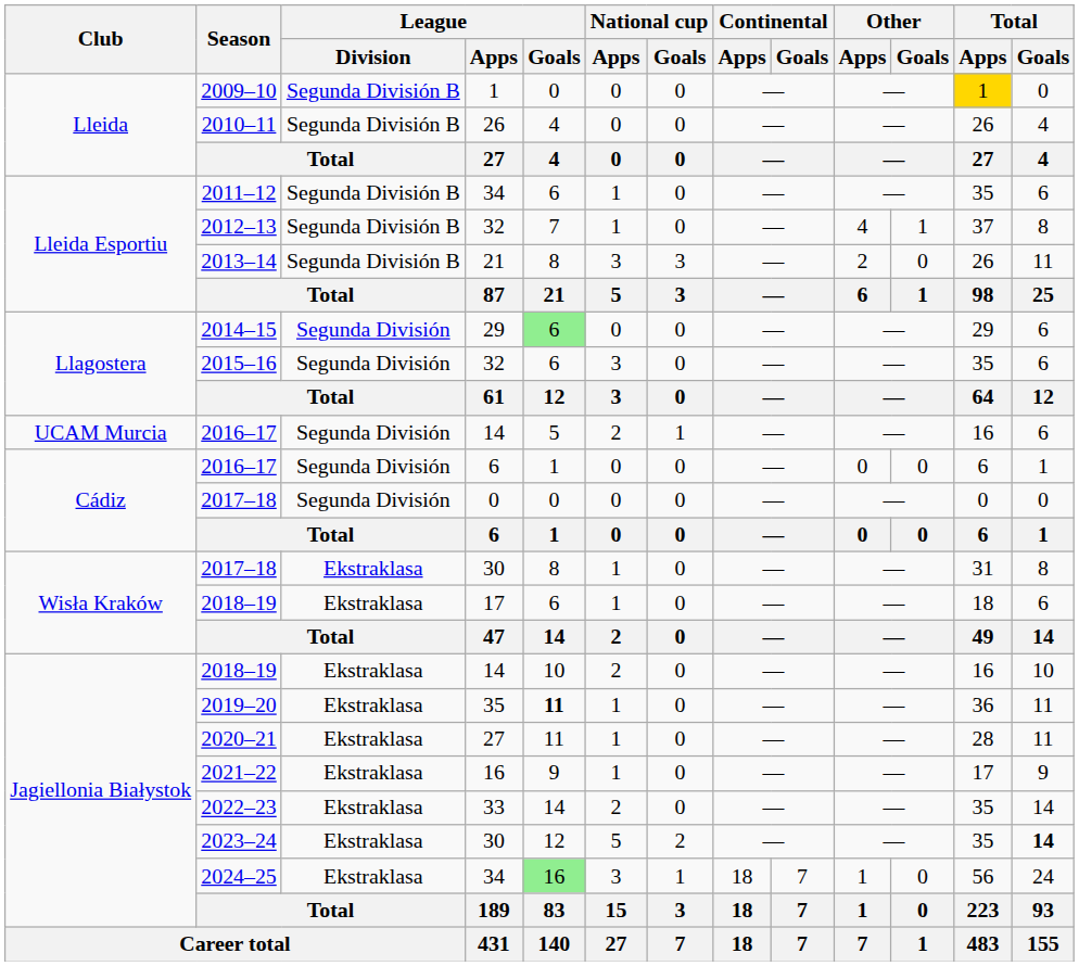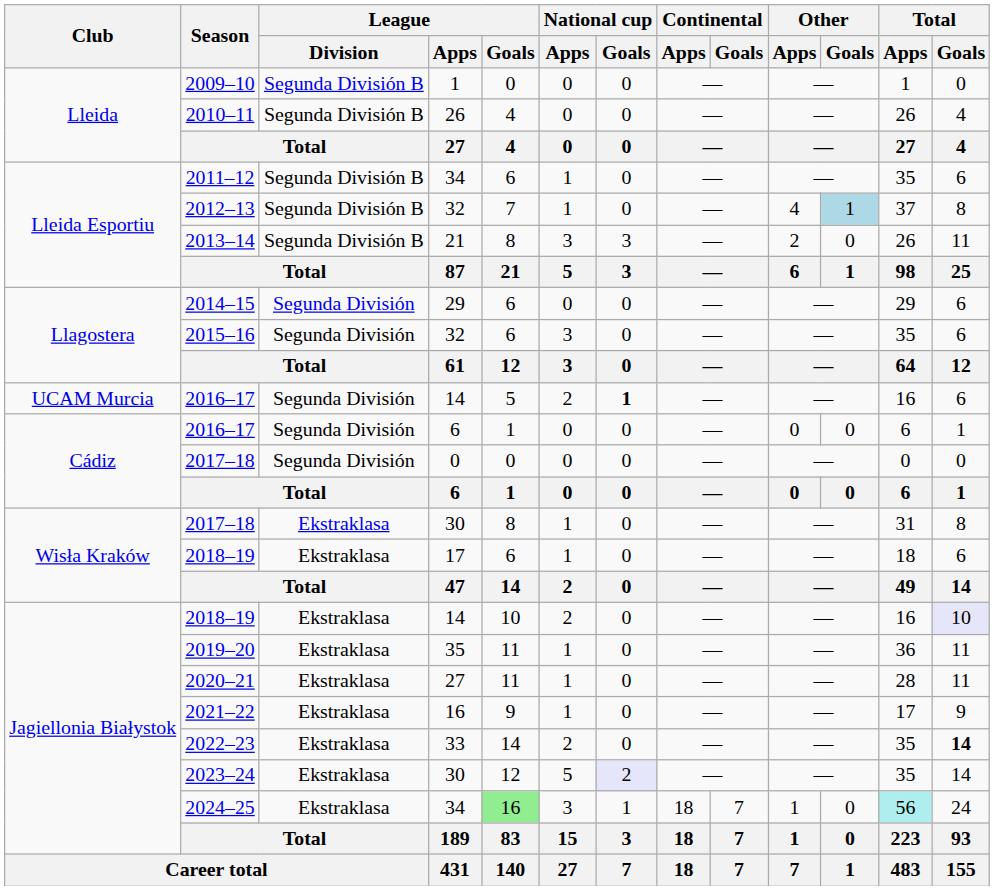 <table class="wikitable" style="font-size:100%; text-align: center">
 <tr>
 <th rowspan=2>Club</th>
 <th rowspan=2>Season</th>
 <th colspan=3>League</th>
 <th colspan=2>National cup</th>
 <th colspan=2>Continental</th>
 <th colspan=2>Other</th>
 <th colspan=2>Total</th>
 </tr>
 <tr>
 <th>Division</th>
 <th>Apps</th>
 <th>Goals</th>
 <th>Apps</th>
 <th>Goals</th>
 <th>Apps</th>
 <th>Goals</th>
 <th>Apps</th>
 <th>Goals</th>
 <th>Apps</th>
 <th>Goals</th>
 </tr>
 <tr>
 <td rowspan="3"><a href='#'>Lleida</a></td>
 <td><a href='#'>2009–10</a></td>
 <td><a href='#'>Segunda División B</a></td>
 <td>1</td>
 <td>0</td>
 <td>0</td>
 <td>0</td>
 <td colspan=2>—</td>
 <td colspan=2>—</td>
-<td style="background: gold;">1</td>
+<td>1</td>
 <td>0</td>
 </tr>
 <tr>
 <td><a href='#'>2010–11</a></td>
 <td>Segunda División B</td>
 <td>26</td>
 <td>4</td>
 <td>0</td>
 <td>0</td>
 <td colspan=2>—</td>
 <td colspan=2>—</td>
 <td>26</td>
 <td>4</td>
 </tr>
 <tr>
 <th colspan=2>Total</th>
 <th>27</th>
 <th>4</th>
 <th>0</th>
 <th>0</th>
 <th colspan=2>—</th>
 <th colspan=2>—</th>
 <th>27</th>
 <th>4</th>
 </tr>
 <tr>
 <td rowspan="4"><a href='#'>Lleida Esportiu</a></td>
 <td><a href='#'>2011–12</a></td>
 <td>Segunda División B</td>
 <td>34</td>
 <td>6</td>
 <td>1</td>
 <td>0</td>
 <td colspan=2>—</td>
 <td colspan=2>—</td>
 <td>35</td>
 <td>6</td>
 </tr>
 <tr>
 <td><a href='#'>2012–13</a></td>
 <td>Segunda División B</td>
 <td>32</td>
 <td>7</td>
 <td>1</td>
 <td>0</td>
 <td colspan=2>—</td>
 <td>4</td>
-<td>1</td>
+<td style="background: lightblue;">1</td>
 <td>37</td>
 <td>8</td>
 </tr>
 <tr>
 <td><a href='#'>2013–14</a></td>
 <td>Segunda División B</td>
 <td>21</td>
 <td>8</td>
 <td>3</td>
 <td>3</td>
 <td colspan=2>—</td>
 <td>2</td>
 <td>0</td>
 <td>26</td>
 <td>11</td>
 </tr>
 <tr>
 <th colspan=2>Total</th>
 <th>87</th>
 <th>21</th>
 <th>5</th>
 <th>3</th>
 <th colspan=2>—</th>
 <th>6</th>
 <th>1</th>
 <th>98</th>
 <th>25</th>
 </tr>
 <tr>
 <td rowspan="3"><a href='#'>Llagostera</a></td>
 <td><a href='#'>2014–15</a></td>
 <td><a href='#'>Segunda División</a></td>
 <td>29</td>
-<td style="background: lightgreen;">6</td>
+<td>6</td>
 <td>0</td>
 <td>0</td>
 <td colspan=2>—</td>
 <td colspan=2>—</td>
 <td>29</td>
 <td>6</td>
 </tr>
 <tr>
 <td><a href='#'>2015–16</a></td>
 <td>Segunda División</td>
 <td>32</td>
 <td>6</td>
 <td>3</td>
 <td>0</td>
 <td colspan=2>—</td>
 <td colspan=2>—</td>
 <td>35</td>
 <td>6</td>
 </tr>
 <tr>
 <th colspan=2>Total</th>
 <th>61</th>
 <th>12</th>
 <th>3</th>
 <th>0</th>
 <th colspan=2>—</th>
 <th colspan=2>—</th>
 <th>64</th>
 <th>12</th>
 </tr>
 <tr>
 <td><a href='#'>UCAM Murcia</a></td>
 <td><a href='#'>2016–17</a></td>
 <td>Segunda División</td>
 <td>14</td>
 <td>5</td>
 <td>2</td>
-<td>1</td>
+<td><strong>1</strong></td>
 <td colspan=2>—</td>
 <td colspan=2>—</td>
 <td>16</td>
 <td>6</td>
 </tr>
 <tr>
 <td rowspan=3><a href='#'>Cádiz</a></td>
 <td><a href='#'>2016–17</a></td>
 <td>Segunda División</td>
 <td>6</td>
 <td>1</td>
 <td>0</td>
 <td>0</td>
 <td colspan=2>—</td>
 <td>0</td>
 <td>0</td>
 <td>6</td>
 <td>1</td>
 </tr>
 <tr>
 <td><a href='#'>2017–18</a></td>
 <td>Segunda División</td>
 <td>0</td>
 <td>0</td>
 <td>0</td>
 <td>0</td>
 <td colspan=2>—</td>
 <td colspan=2>—</td>
 <td>0</td>
 <td>0</td>
 </tr>
 <tr>
 <th colspan=2>Total</th>
 <th>6</th>
 <th>1</th>
 <th>0</th>
 <th>0</th>
 <th colspan=2>—</th>
 <th>0</th>
 <th>0</th>
 <th>6</th>
 <th>1</th>
 </tr>
 <tr>
 <td rowspan="3"><a href='#'>Wisła Kraków</a></td>
 <td><a href='#'>2017–18</a></td>
 <td><a href='#'>Ekstraklasa</a></td>
 <td>30</td>
 <td>8</td>
 <td>1</td>
 <td>0</td>
 <td colspan=2>—</td>
 <td colspan=2>—</td>
 <td>31</td>
 <td>8</td>
 </tr>
 <tr>
 <td><a href='#'>2018–19</a></td>
 <td>Ekstraklasa</td>
 <td>17</td>
 <td>6</td>
 <td>1</td>
 <td>0</td>
 <td colspan=2>—</td>
 <td colspan=2>—</td>
 <td>18</td>
 <td>6</td>
 </tr>
 <tr>
 <th colspan=2>Total</th>
 <th>47</th>
 <th>14</th>
 <th>2</th>
 <th>0</th>
 <th colspan=2>—</th>
 <th colspan=2>—</th>
 <th>49</th>
 <th>14</th>
 </tr>
 <tr>
 <td rowspan="8"><a href='#'>Jagiellonia Białystok</a></td>
 <td><a href='#'>2018–19</a></td>
 <td>Ekstraklasa</td>
 <td>14</td>
 <td>10</td>
 <td>2</td>
 <td>0</td>
 <td colspan=2>—</td>
 <td colspan=2>—</td>
 <td>16</td>
-<td>10</td>
+<td style="background: lavender;">10</td>
 </tr>
 <tr>
 <td><a href='#'>2019–20</a></td>
 <td>Ekstraklasa</td>
 <td>35</td>
-<td><strong>11</strong></td>
+<td>11</td>
 <td>1</td>
 <td>0</td>
 <td colspan=2>—</td>
 <td colspan=2>—</td>
 <td>36</td>
 <td>11</td>
 </tr>
 <tr>
 <td><a href='#'>2020–21</a></td>
 <td>Ekstraklasa</td>
 <td>27</td>
 <td>11</td>
 <td>1</td>
 <td>0</td>
 <td colspan=2>—</td>
 <td colspan=2>—</td>
 <td>28</td>
 <td>11</td>
 </tr>
 <tr>
 <td><a href='#'>2021–22</a></td>
 <td>Ekstraklasa</td>
 <td>16</td>
 <td>9</td>
 <td>1</td>
 <td>0</td>
 <td colspan=2>—</td>
 <td colspan=2>—</td>
 <td>17</td>
 <td>9</td>
 </tr>
 <tr>
 <td><a href='#'>2022–23</a></td>
 <td>Ekstraklasa</td>
 <td>33</td>
 <td>14</td>
 <td>2</td>
 <td>0</td>
 <td colspan=2>—</td>
 <td colspan=2>—</td>
 <td>35</td>
-<td>14</td>
+<td><strong>14</strong></td>
 </tr>
 <tr>
 <td><a href='#'>2023–24</a></td>
 <td>Ekstraklasa</td>
 <td>30</td>
 <td>12</td>
 <td>5</td>
-<td>2</td>
+<td style="background: lavender;">2</td>
 <td colspan=2>—</td>
 <td colspan=2>—</td>
 <td>35</td>
-<td><strong>14</strong></td>
+<td>14</td>
 </tr>
 <tr>
 <td><a href='#'>2024–25</a></td>
 <td>Ekstraklasa</td>
 <td>34</td>
 <td style="background: lightgreen;">16</td>
 <td>3</td>
 <td>1</td>
 <td>18</td>
 <td>7</td>
 <td>1</td>
 <td>0</td>
-<td>56</td>
+<td style="background: paleturquoise;">56</td>
 <td>24</td>
 </tr>
 <tr>
 <th colspan=2>Total</th>
 <th>189</th>
 <th>83</th>
 <th>15</th>
 <th>3</th>
 <th>18</th>
 <th>7</th>
 <th>1</th>
 <th>0</th>
 <th>223</th>
 <th>93</th>
 </tr>
 <tr>
 <th colspan=3>Career total</th>
 <th>431</th>
 <th>140</th>
 <th>27</th>
 <th>7</th>
 <th>18</th>
 <th>7</th>
 <th>7</th>
 <th>1</th>
 <th>483</th>
 <th>155</th>
 </tr>
 </table>
